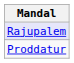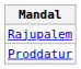 <table class="wikitable sortable static-row-numbers static-row-header-hash">
 <tr>
 <th>Mandal</th>
 </tr>
 <tr>
-<td style="background: lavender;"><a href='#'>Rajupalem</a></td>
+<td><a href='#'>Rajupalem</a></td>
 </tr>
 <tr>
 <td><a href='#'>Proddatur</a></td>
 </tr>
 </table>
